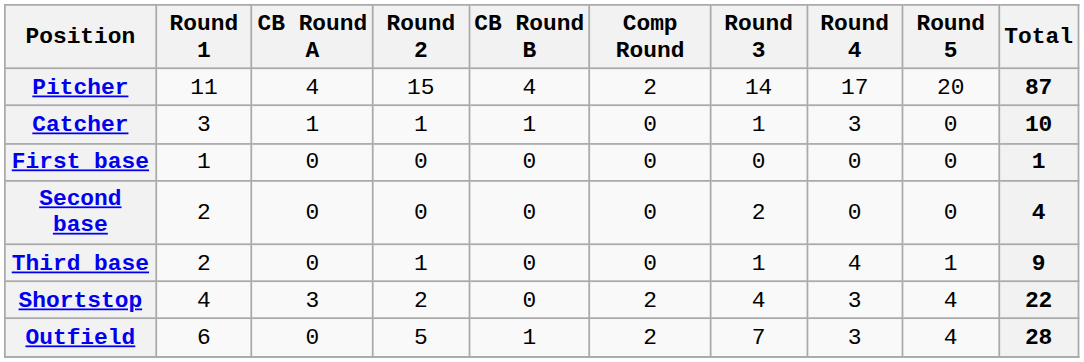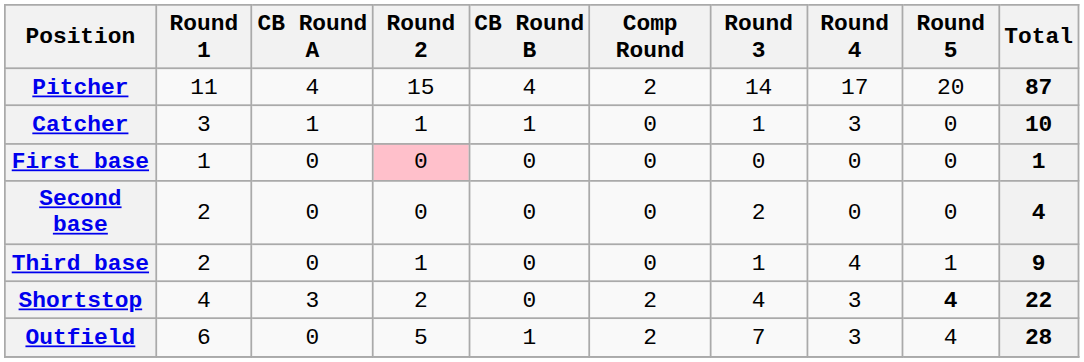 <table class="wikitable sortable" style="text-align:center">
 <tr>
 <th>Position</th>
 <th>Round 1</th>
 <th>CB Round A</th>
 <th>Round 2</th>
 <th>CB Round B</th>
 <th>Comp Round</th>
 <th>Round 3</th>
 <th>Round 4</th>
 <th>Round 5</th>
 <th>Total</th>
 </tr>
 <tr>
 <th><a href='#'>Pitcher</a></th>
 <td>11</td>
 <td>4</td>
 <td>15</td>
 <td>4</td>
 <td>2</td>
 <td>14</td>
 <td>17</td>
 <td>20</td>
 <td style="background:#f2f2f2;text-align:center"><strong>87</strong></td>
 </tr>
 <tr>
 <th><a href='#'>Catcher</a></th>
 <td>3</td>
 <td>1</td>
 <td>1</td>
 <td>1</td>
 <td>0</td>
 <td>1</td>
 <td>3</td>
 <td>0</td>
 <td style="background:#f2f2f2;text-align:center"><strong>10</strong></td>
 </tr>
 <tr>
 <th><a href='#'>First base</a></th>
 <td>1</td>
 <td>0</td>
-<td>0</td>
+<td style="background: pink;">0</td>
 <td>0</td>
 <td>0</td>
 <td>0</td>
 <td>0</td>
 <td>0</td>
 <td style="background:#f2f2f2;text-align:center"><strong>1</strong></td>
 </tr>
 <tr>
 <th><a href='#'>Second base</a></th>
 <td>2</td>
 <td>0</td>
 <td>0</td>
 <td>0</td>
 <td>0</td>
 <td>2</td>
 <td>0</td>
 <td>0</td>
 <td style="background:#f2f2f2;text-align:center"><strong>4</strong></td>
 </tr>
 <tr>
 <th><a href='#'>Third base</a></th>
 <td>2</td>
 <td>0</td>
 <td>1</td>
 <td>0</td>
 <td>0</td>
 <td>1</td>
 <td>4</td>
 <td>1</td>
 <td style="background:#f2f2f2;text-align:center"><strong>9</strong></td>
 </tr>
 <tr>
 <th><a href='#'>Shortstop</a></th>
 <td>4</td>
 <td>3</td>
 <td>2</td>
 <td>0</td>
 <td>2</td>
 <td>4</td>
 <td>3</td>
-<td>4</td>
+<td><strong>4</strong></td>
 <td style="background:#f2f2f2;text-align:center"><strong>22</strong></td>
 </tr>
 <tr>
 <th><a href='#'>Outfield</a></th>
 <td>6</td>
 <td>0</td>
 <td>5</td>
 <td>1</td>
 <td>2</td>
 <td>7</td>
 <td>3</td>
 <td>4</td>
 <td style="background:#f2f2f2;text-align:center"><strong>28</strong></td>
 </tr>
 <tr>
 </tr>
 </table>
